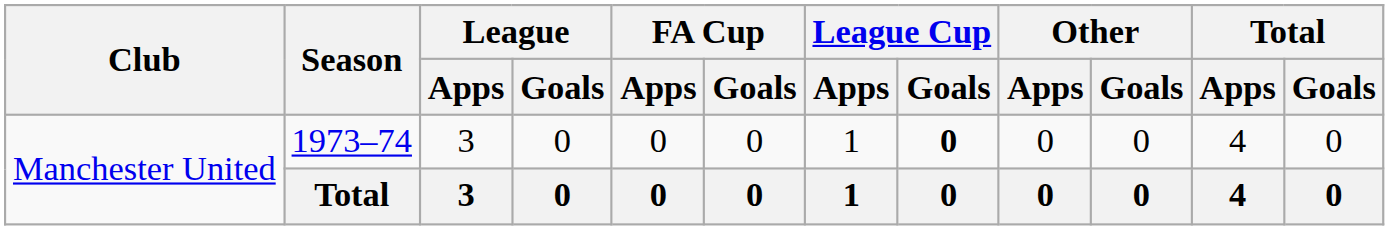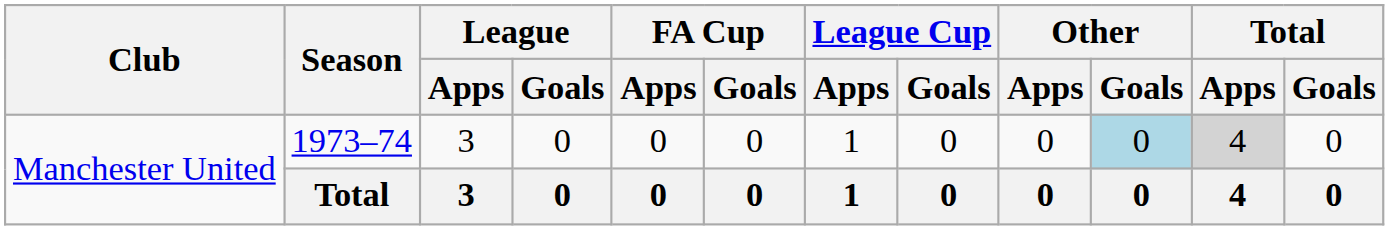 <table class="wikitable" style="text-align:center">
 <tr>
 <th rowspan="2">Club</th>
 <th rowspan="2">Season</th>
 <th colspan="2">League</th>
 <th colspan="2">FA Cup</th>
 <th colspan="2"><a href='#'>League Cup</a></th>
 <th colspan="2">Other</th>
 <th colspan="2">Total</th>
 </tr>
 <tr>
 <th>Apps</th>
 <th>Goals</th>
 <th>Apps</th>
 <th>Goals</th>
 <th>Apps</th>
 <th>Goals</th>
 <th>Apps</th>
 <th>Goals</th>
 <th>Apps</th>
 <th>Goals</th>
 </tr>
 <tr>
 <td rowspan="2"><a href='#'>Manchester United</a></td>
 <td><a href='#'>1973–74</a></td>
 <td>3</td>
 <td>0</td>
 <td>0</td>
 <td>0</td>
 <td>1</td>
-<td><strong>0</strong></td>
 <td>0</td>
 <td>0</td>
-<td>4</td>
+<td style="background: lightblue;">0</td>
+<td style="background: lightgrey;">4</td>
 <td>0</td>
 </tr>
 <tr>
 <th>Total</th>
 <th>3</th>
 <th>0</th>
 <th>0</th>
 <th>0</th>
 <th>1</th>
 <th>0</th>
 <th>0</th>
 <th>0</th>
 <th>4</th>
 <th>0</th>
 </tr>
 </table>
